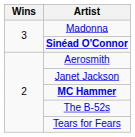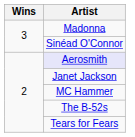 <table class="wikitable" rowspan="2" style="text-align:center">
 <tr>
 <th scope="col" style="width:55px;">Wins</th>
 <th scope="col" style="text-align:center;">Artist</th>
 </tr>
 <tr>
 <td rowspan="2" style="text-align:center">3</td>
 <td><a href='#'>Madonna</a></td>
 </tr>
 <tr>
-<td><strong><a href='#'>Sinéad O'Connor</a></strong></td>
+<td><a href='#'>Sinéad O'Connor</a></td>
 </tr>
 <tr>
 <td rowspan="5" style="text-align:center">2</td>
-<td><a href='#'>Aerosmith</a></td>
+<td style="background: lavender;"><a href='#'>Aerosmith</a></td>
 </tr>
 <tr>
 <td><a href='#'>Janet Jackson</a></td>
 </tr>
 <tr>
-<td><strong><a href='#'>MC Hammer</a></strong></td>
+<td><a href='#'>MC Hammer</a></td>
 </tr>
 <tr>
 <td><a href='#'>The B-52s</a></td>
 </tr>
 <tr>
 <td><a href='#'>Tears for Fears</a></td>
 </tr>
 </table>
